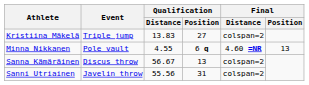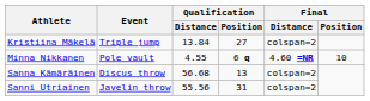 <table class=wikitable style="font-size:90%">
 <tr>
 <th rowspan="2">Athlete</th>
 <th rowspan="2">Event</th>
 <th colspan="2">Qualification</th>
 <th colspan="2">Final</th>
 </tr>
 <tr style="font-size:95%">
 <th>Distance</th>
 <th>Position</th>
 <th>Distance</th>
 <th>Position</th>
 </tr>
 <tr style=text-align:center>
 <td style=text-align:left><a href='#'>Kristiina Mäkelä</a></td>
 <td style=text-align:left><a href='#'>Triple jump</a></td>
-<td>13.83</td>
+<td>13.84</td>
 <td>27</td>
 <td>colspan=2 </td>
 </tr>
 <tr style=text-align:center>
 <td style=text-align:left><a href='#'>Minna Nikkanen</a></td>
 <td style=text-align:left><a href='#'>Pole vault</a></td>
 <td>4.55</td>
 <td>6 <strong>q</strong></td>
 <td>4.60 <strong><a href='#'>=NR</a></strong></td>
-<td>13</td>
+<td>10</td>
 </tr>
 <tr style=text-align:center>
 <td style=text-align:left><a href='#'>Sanna Kämäräinen</a></td>
 <td style=text-align:left><a href='#'>Discus throw</a></td>
-<td>56.67</td>
+<td>56.68</td>
 <td>13</td>
 <td>colspan=2 </td>
 </tr>
 <tr style=text-align:center>
 <td style=text-align:left><a href='#'>Sanni Utriainen</a></td>
 <td style=text-align:left><a href='#'>Javelin throw</a></td>
 <td>55.56</td>
 <td>31</td>
 <td>colspan=2 </td>
 </tr>
 </table>
